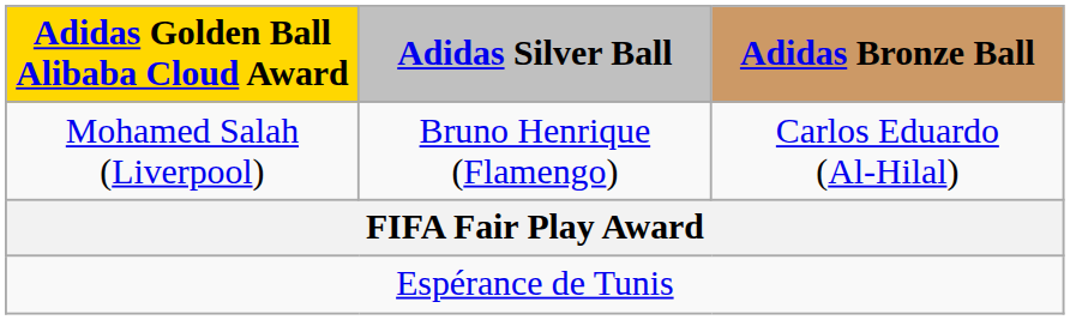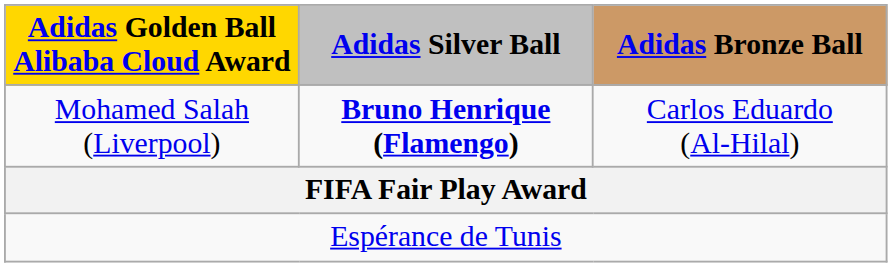 <table class="wikitable" style="text-align:center">
 <tr>
 <th style="background:gold; width:33%"><a href='#'>Adidas</a> Golden Ball<br><a href='#'>Alibaba Cloud</a> Award</th>
 <th style="background:silver; width:33%"><a href='#'>Adidas</a> Silver Ball</th>
 <th style="background:#CC9966; width:33%"><a href='#'>Adidas</a> Bronze Ball</th>
 </tr>
 <tr>
 <td> <a href='#'>Mohamed Salah</a><br>(<a href='#'>Liverpool</a>)</td>
-<td> <a href='#'>Bruno Henrique</a><br>(<a href='#'>Flamengo</a>)</td>
+<td><strong> <a href='#'>Bruno Henrique</a><br>(<a href='#'>Flamengo</a>)</strong></td>
 <td> <a href='#'>Carlos Eduardo</a><br>(<a href='#'>Al-Hilal</a>)</td>
 </tr>
 <tr>
 <th colspan="3">FIFA Fair Play Award</th>
 </tr>
 <tr>
 <td colspan="3"> <a href='#'>Espérance de Tunis</a></td>
 </tr>
 </table>
